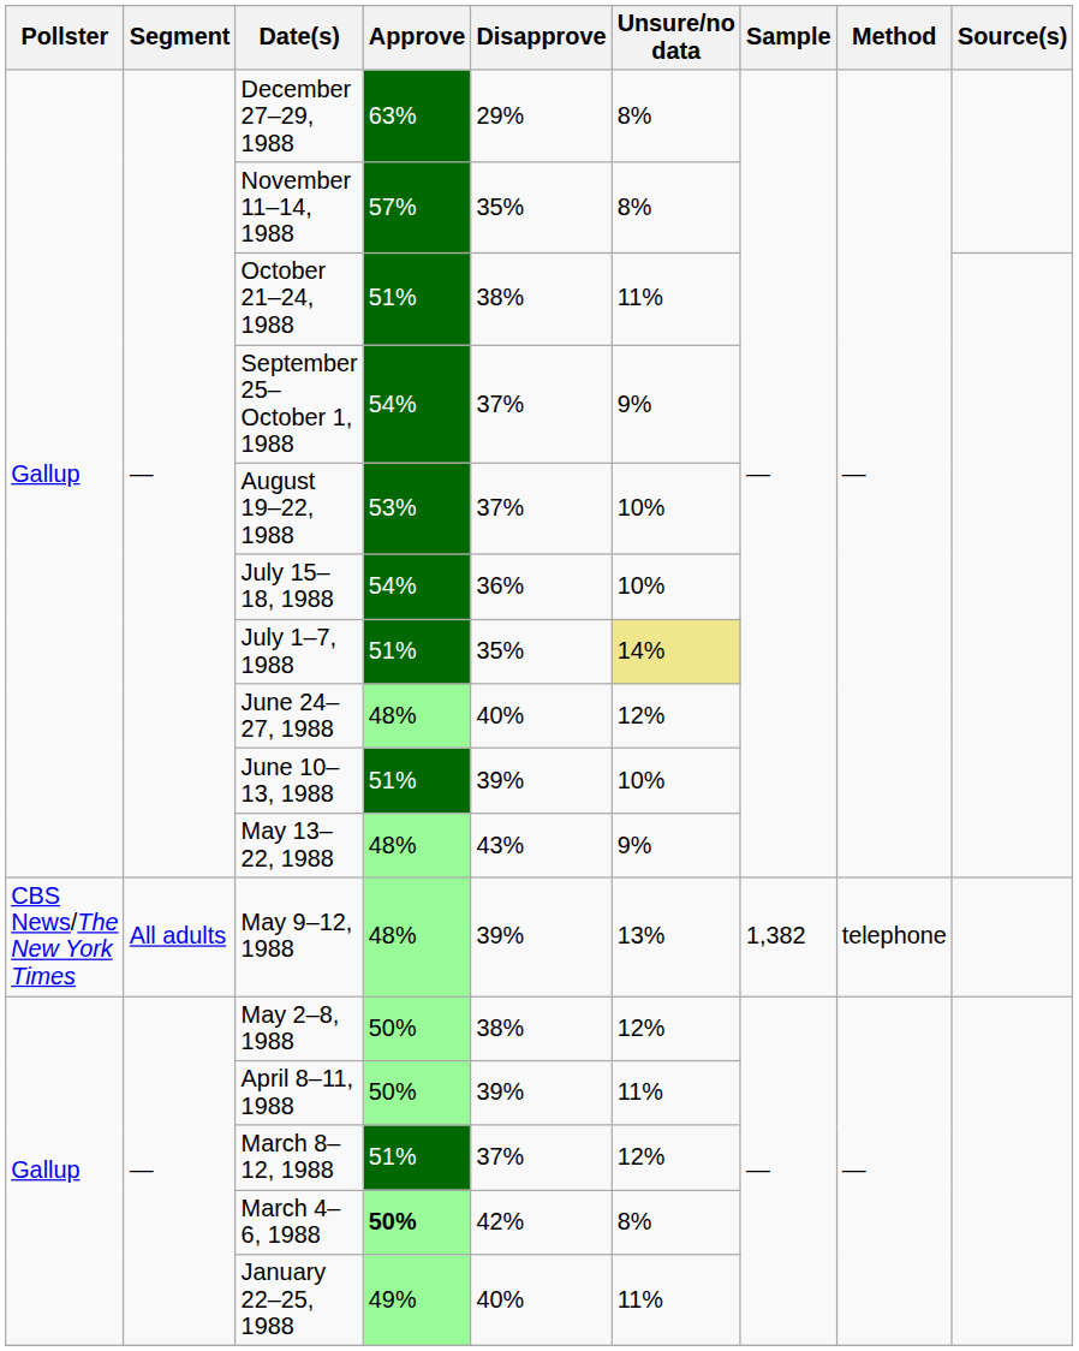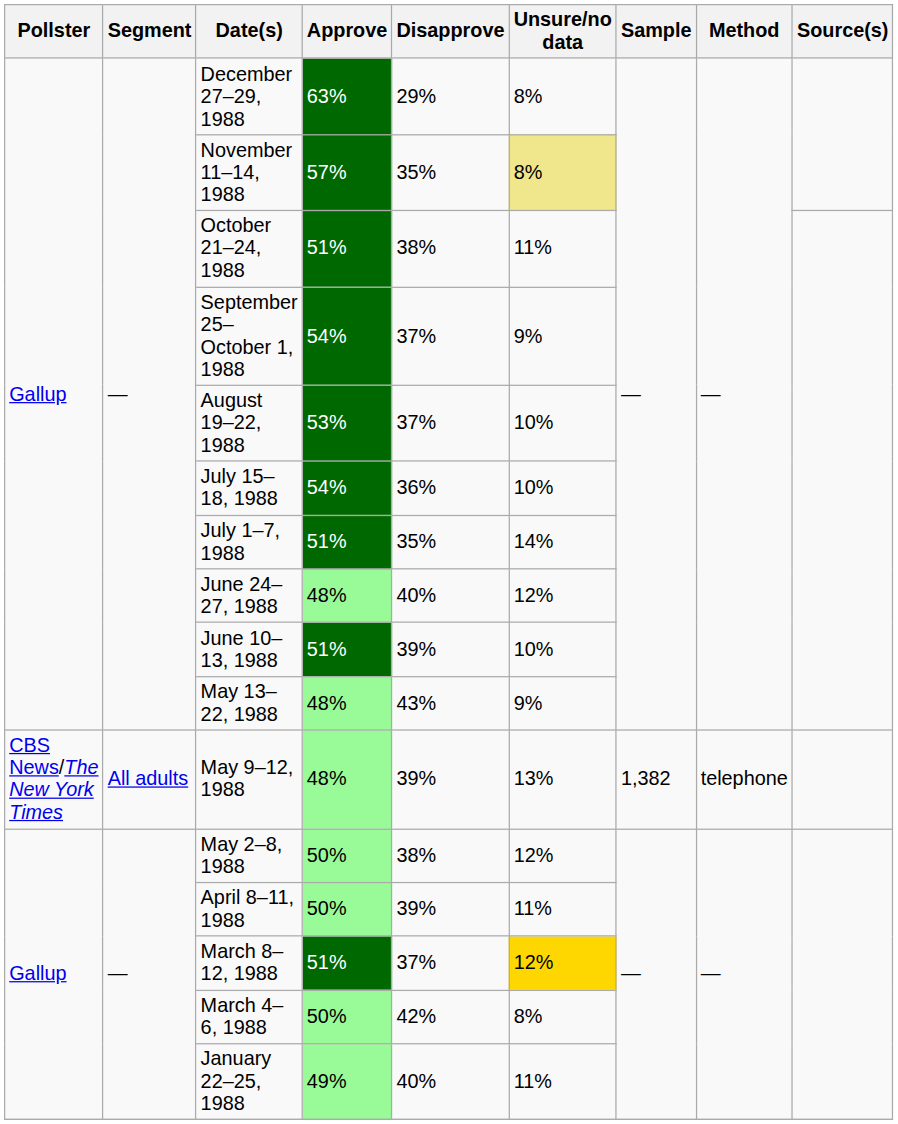 <table class="wikitable sortable" style="width:50%;">
 <tr>
 <th>Pollster</th>
 <th>Segment</th>
 <th>Date(s)</th>
 <th>Approve</th>
 <th>Disapprove</th>
 <th>Unsure/no data</th>
 <th>Sample</th>
 <th>Method</th>
 <th>Source(s)</th>
 </tr>
 <tr>
 <td rowspan="10"><a href='#'>Gallup</a></td>
 <td rowspan="10">—</td>
 <td>December 27–29, 1988</td>
 <td style="background:#006800;color:white">63%</td>
 <td>29%</td>
 <td>8%</td>
 <td rowspan="10">—</td>
 <td rowspan="10">—</td>
 <td rowspan="2"></td>
 </tr>
 <tr>
 <td>November 11–14, 1988</td>
 <td style="background:#006800;color:white">57%</td>
 <td>35%</td>
-<td>8%</td>
+<td style="background: khaki;">8%</td>
 </tr>
 <tr>
 <td>October 21–24, 1988</td>
 <td style="background:#006800;color:white">51%</td>
 <td>38%</td>
 <td>11%</td>
 <td rowspan="8"></td>
 </tr>
 <tr>
 <td>September 25–October 1, 1988</td>
 <td style="background:#006800;color:white">54%</td>
 <td>37%</td>
 <td>9%</td>
 </tr>
 <tr>
 <td>August 19–22, 1988</td>
 <td style="background:#006800;color:white">53%</td>
 <td>37%</td>
 <td>10%</td>
 </tr>
 <tr>
 <td>July 15–18, 1988</td>
 <td style="background:#006800;color:white">54%</td>
 <td>36%</td>
 <td>10%</td>
 </tr>
 <tr>
 <td>July 1–7, 1988</td>
 <td style="background:#006800;color:white">51%</td>
 <td>35%</td>
-<td style="background: khaki;">14%</td>
+<td>14%</td>
 </tr>
 <tr>
 <td>June 24–27, 1988</td>
 <td style="background:palegreen;color:black">48%</td>
 <td>40%</td>
 <td>12%</td>
 </tr>
 <tr>
 <td>June 10–13, 1988</td>
 <td style="background:#006800;color:white">51%</td>
 <td>39%</td>
 <td>10%</td>
 </tr>
 <tr>
 <td>May 13–22, 1988</td>
 <td style="background:palegreen;color:black">48%</td>
 <td>43%</td>
 <td>9%</td>
 </tr>
 <tr>
 <td><a href='#'>CBS News</a>/<em><a href='#'>The New York Times</a></em></td>
 <td><a href='#'>All adults</a></td>
 <td>May 9–12, 1988</td>
 <td style="background:palegreen;color:black">48%</td>
 <td>39%</td>
 <td>13%</td>
 <td>1,382</td>
 <td>telephone</td>
 <td></td>
 </tr>
 <tr>
 <td rowspan="5"><a href='#'>Gallup</a></td>
 <td rowspan="5">—</td>
 <td>May 2–8, 1988</td>
 <td style="background:palegreen;color:black">50%</td>
 <td>38%</td>
 <td>12%</td>
 <td rowspan="5">—</td>
 <td rowspan="5">—</td>
 <td rowspan="5"></td>
 </tr>
 <tr>
 <td>April 8–11, 1988</td>
 <td style="background:palegreen;color:black">50%</td>
 <td>39%</td>
 <td>11%</td>
 </tr>
 <tr>
 <td>March 8–12, 1988</td>
 <td style="background:#006800;color:white">51%</td>
 <td>37%</td>
-<td>12%</td>
+<td style="background: gold;">12%</td>
 </tr>
 <tr>
 <td>March 4–6, 1988</td>
-<td style="background:palegreen;color:black"><strong>50%</strong></td>
+<td style="background:palegreen;color:black">50%</td>
 <td>42%</td>
 <td>8%</td>
 </tr>
 <tr>
 <td>January 22–25, 1988</td>
 <td style="background:palegreen;color:black">49%</td>
 <td>40%</td>
 <td>11%</td>
 </tr>
 <tr>
 </tr>
 </table>
